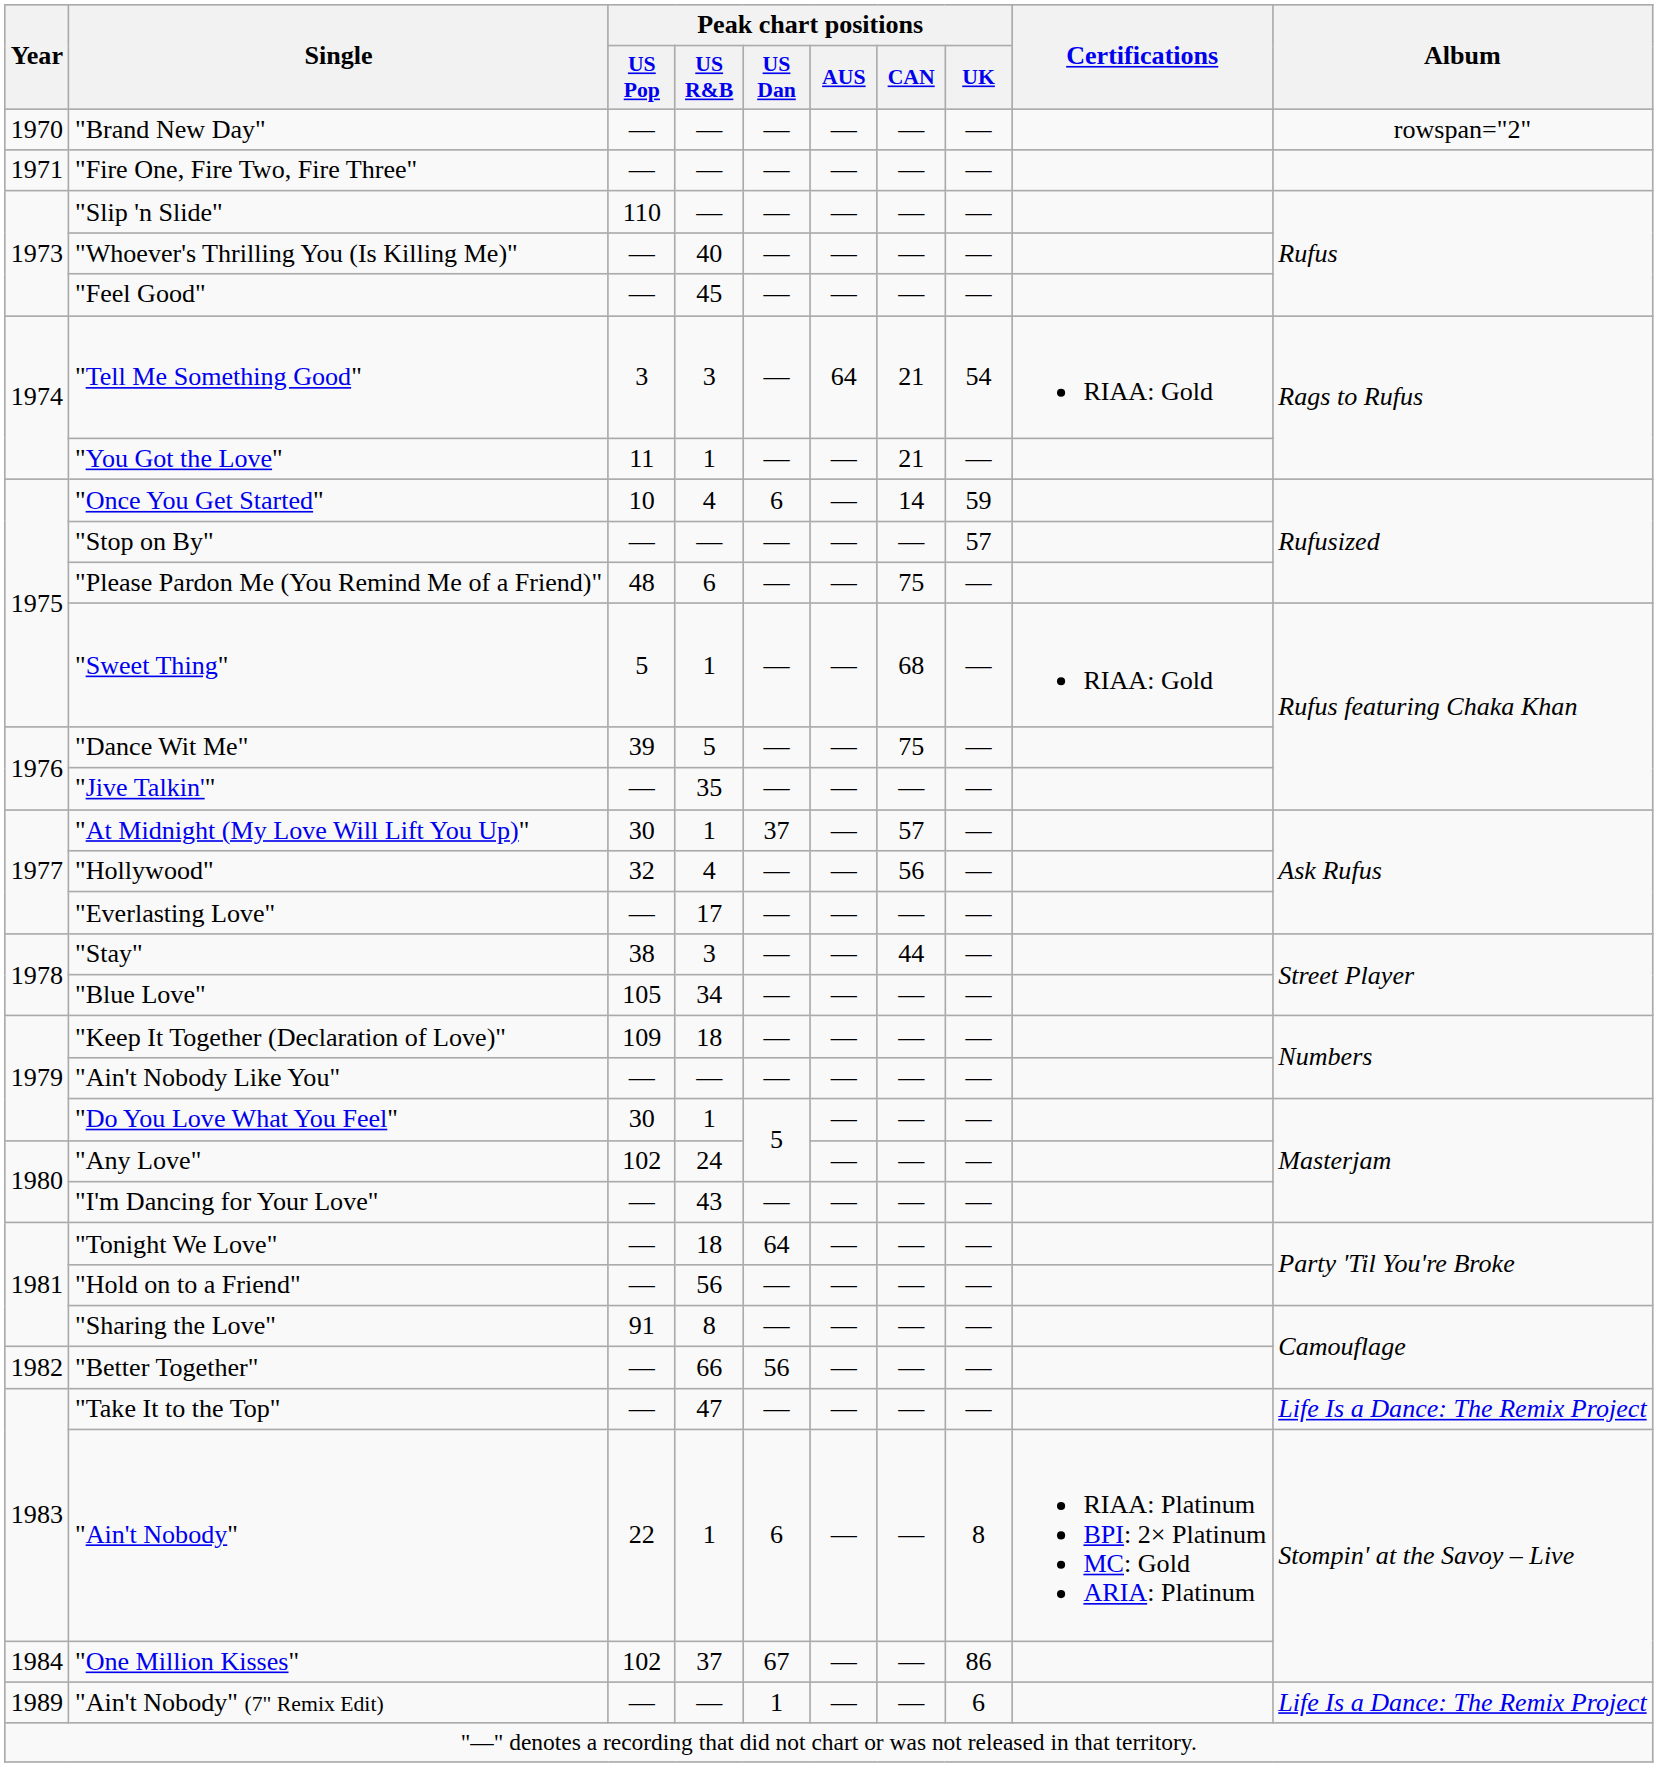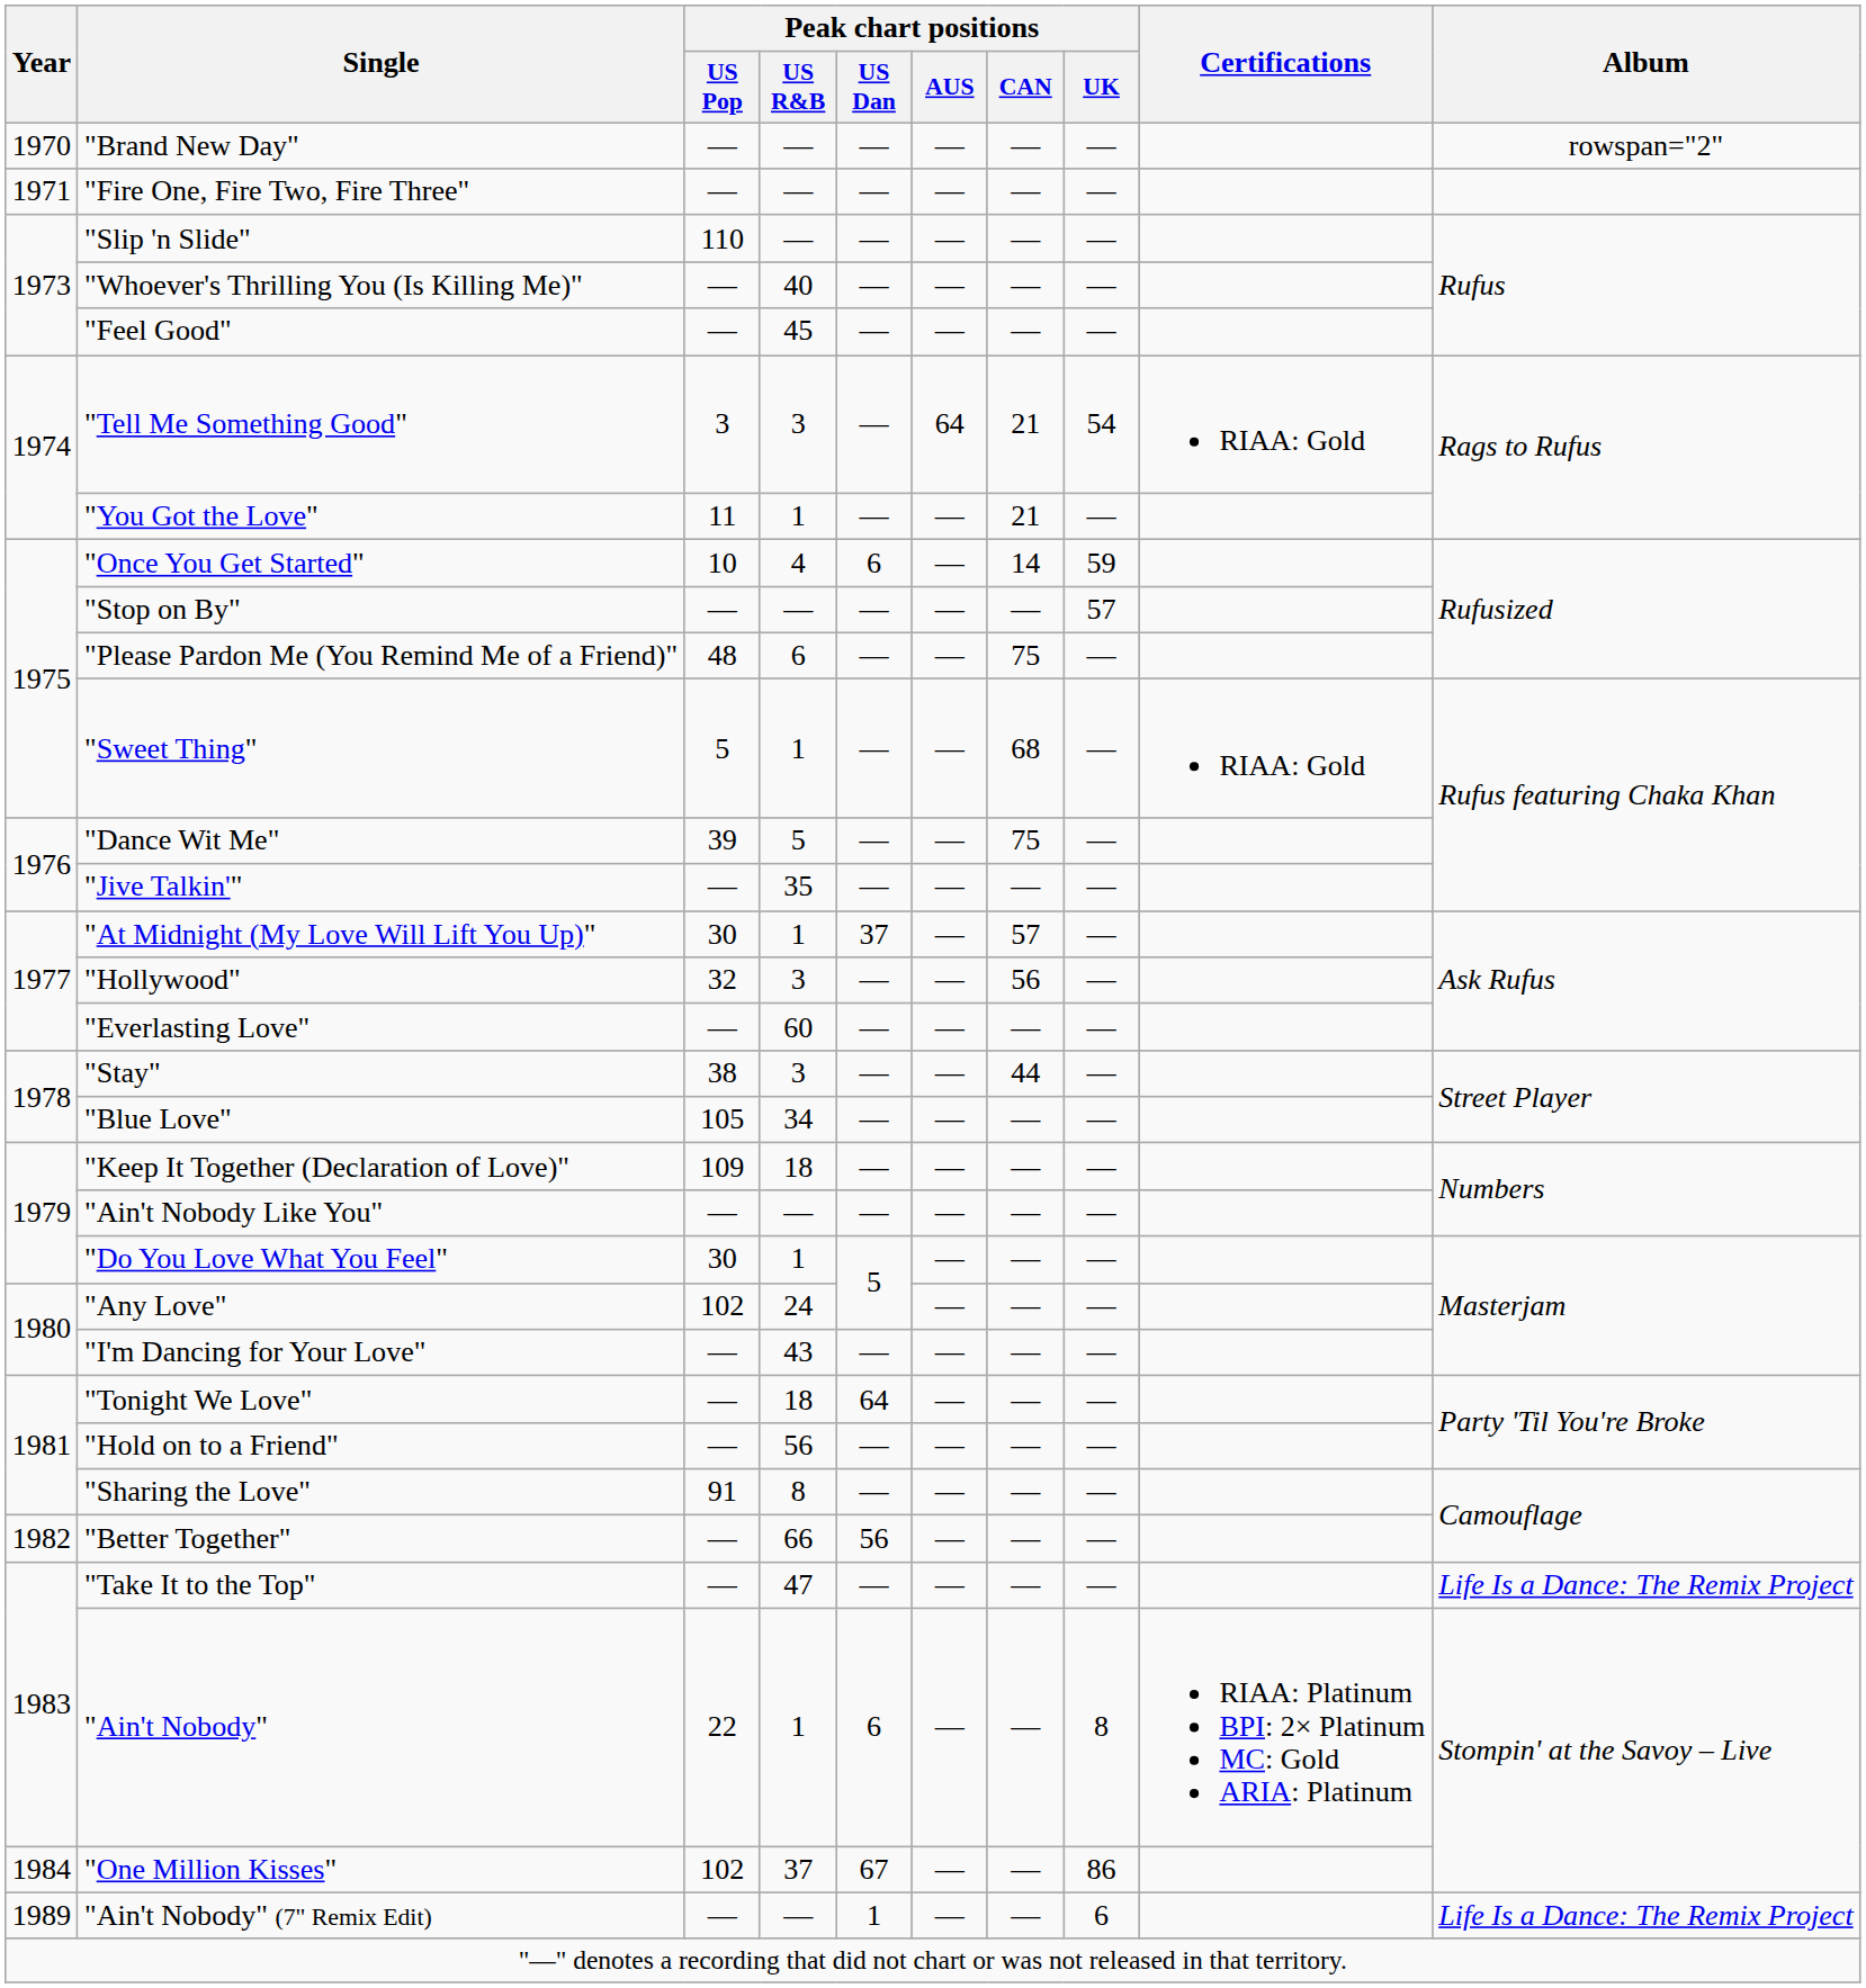 <table class="wikitable" style="text-align:center;">
 <tr>
 <th rowspan="2">Year</th>
 <th rowspan="2">Single</th>
 <th colspan="6">Peak chart positions</th>
 <th rowspan="2"><a href='#'>Certifications</a></th>
 <th rowspan="2">Album</th>
 </tr>
 <tr style="font-size:smaller;">
 <th width="35"><a href='#'>US Pop</a><br></th>
 <th width="35"><a href='#'>US<br>R&B</a><br></th>
 <th width="35"><a href='#'>US<br>Dan</a><br></th>
 <th width="35"><a href='#'>AUS</a><br></th>
 <th width="35"><a href='#'>CAN</a><br></th>
 <th width="35"><a href='#'>UK</a><br></th>
 </tr>
 <tr>
 <td>1970</td>
 <td align="left">"Brand New Day"</td>
 <td>—</td>
 <td>—</td>
 <td>—</td>
 <td>—</td>
 <td>—</td>
 <td>—</td>
 <td align=left></td>
 <td>rowspan="2" </td>
 </tr>
 <tr>
 <td>1971</td>
 <td align="left">"Fire One, Fire Two, Fire Three"</td>
 <td>—</td>
 <td>—</td>
 <td>—</td>
 <td>—</td>
 <td>—</td>
 <td>—</td>
 <td align=left></td>
 </tr>
 <tr>
 <td rowspan="3">1973</td>
 <td align="left">"Slip 'n Slide"</td>
 <td>110</td>
 <td>—</td>
 <td>—</td>
 <td>—</td>
 <td>—</td>
 <td>—</td>
 <td align=left></td>
 <td align="left" rowspan="3"><em>Rufus</em></td>
 </tr>
 <tr>
 <td align="left">"Whoever's Thrilling You (Is Killing Me)"</td>
 <td>—</td>
 <td>40</td>
 <td>—</td>
 <td>—</td>
 <td>—</td>
 <td>—</td>
 <td align=left></td>
 </tr>
 <tr>
 <td align="left">"Feel Good"</td>
 <td>—</td>
 <td>45</td>
 <td>—</td>
 <td>—</td>
 <td>—</td>
 <td>—</td>
 <td align=left></td>
 </tr>
 <tr>
 <td rowspan="2">1974</td>
 <td align="left">"<a href='#'>Tell Me Something Good</a>"</td>
 <td>3</td>
 <td>3</td>
 <td>—</td>
 <td>64</td>
 <td>21</td>
 <td>54</td>
 <td align=left><br><ul><li>RIAA: Gold</li></ul></td>
 <td align="left" rowspan="2"><em>Rags to Rufus</em></td>
 </tr>
 <tr>
 <td align="left">"<a href='#'>You Got the Love</a>"</td>
 <td>11</td>
 <td>1</td>
 <td>—</td>
 <td>—</td>
 <td>21</td>
 <td>—</td>
 <td align=left></td>
 </tr>
 <tr>
 <td rowspan="4">1975</td>
 <td align="left">"<a href='#'>Once You Get Started</a>"</td>
 <td>10</td>
 <td>4</td>
 <td>6</td>
 <td>—</td>
 <td>14</td>
 <td>59</td>
 <td align=left></td>
 <td rowspan="3" align="left"><em>Rufusized</em></td>
 </tr>
 <tr>
 <td align="left">"Stop on By"</td>
 <td>—</td>
 <td>—</td>
 <td>—</td>
 <td>—</td>
 <td>—</td>
 <td>57</td>
 <td></td>
 </tr>
 <tr>
 <td align="left">"Please Pardon Me (You Remind Me of a Friend)"</td>
 <td>48</td>
 <td>6</td>
 <td>—</td>
 <td>—</td>
 <td>75</td>
 <td>—</td>
 <td align=left></td>
 </tr>
 <tr>
 <td align="left">"<a href='#'>Sweet Thing</a>"</td>
 <td>5</td>
 <td>1</td>
 <td>—</td>
 <td>—</td>
 <td>68</td>
 <td>—</td>
 <td align=left><br><ul><li>RIAA: Gold</li></ul></td>
 <td align="left" rowspan="3"><em>Rufus featuring Chaka Khan</em></td>
 </tr>
 <tr>
 <td rowspan="2">1976</td>
 <td align="left">"Dance Wit Me"</td>
 <td>39</td>
 <td>5</td>
 <td>—</td>
 <td>—</td>
 <td>75</td>
 <td>—</td>
 <td align=left></td>
 </tr>
 <tr>
 <td align="left">"<a href='#'>Jive Talkin'</a>"</td>
 <td>—</td>
 <td>35</td>
 <td>—</td>
 <td>—</td>
 <td>—</td>
 <td>—</td>
 <td align=left></td>
 </tr>
 <tr>
 <td rowspan="3">1977</td>
 <td align="left">"<a href='#'>At Midnight (My Love Will Lift You Up)</a>"</td>
 <td>30</td>
 <td>1</td>
 <td>37</td>
 <td>—</td>
 <td>57</td>
 <td>—</td>
 <td align=left></td>
 <td align="left" rowspan="3"><em>Ask Rufus</em></td>
 </tr>
 <tr>
 <td align="left">"Hollywood"</td>
 <td>32</td>
-<td>4</td>
+<td>3</td>
 <td>—</td>
 <td>—</td>
 <td>56</td>
 <td>—</td>
 <td align=left></td>
 </tr>
 <tr>
 <td align="left">"Everlasting Love"</td>
 <td>—</td>
-<td>17</td>
+<td>60</td>
 <td>—</td>
 <td>—</td>
 <td>—</td>
 <td>—</td>
 <td align=left></td>
 </tr>
 <tr>
 <td rowspan="2">1978</td>
 <td align="left">"Stay"</td>
 <td>38</td>
 <td>3</td>
 <td>—</td>
 <td>—</td>
 <td>44</td>
 <td>—</td>
 <td align=left></td>
 <td align="left" rowspan="2"><em>Street Player</em></td>
 </tr>
 <tr>
 <td align="left">"Blue Love"</td>
 <td>105</td>
 <td>34</td>
 <td>—</td>
 <td>—</td>
 <td>—</td>
 <td>—</td>
 <td align=left></td>
 </tr>
 <tr>
 <td rowspan="3">1979</td>
 <td align="left">"Keep It Together (Declaration of Love)"</td>
 <td>109</td>
 <td>18</td>
 <td>—</td>
 <td>—</td>
 <td>—</td>
 <td>—</td>
 <td align=left></td>
 <td align="left" rowspan="2"><em>Numbers</em></td>
 </tr>
 <tr>
 <td align="left">"Ain't Nobody Like You"</td>
 <td>—</td>
 <td>—</td>
 <td>—</td>
 <td>—</td>
 <td>—</td>
 <td>—</td>
 <td align=left></td>
 </tr>
 <tr>
 <td align="left">"<a href='#'>Do You Love What You Feel</a>"</td>
 <td>30</td>
 <td>1</td>
 <td rowspan="2">5</td>
 <td>—</td>
 <td>—</td>
 <td>—</td>
 <td align=left></td>
 <td align="left" rowspan="3"><em>Masterjam</em></td>
 </tr>
 <tr>
 <td rowspan="2">1980</td>
 <td align="left">"Any Love"</td>
 <td>102</td>
 <td>24</td>
 <td>—</td>
 <td>—</td>
 <td>—</td>
 <td align=left></td>
 </tr>
 <tr>
 <td align="left">"I'm Dancing for Your Love"</td>
 <td>—</td>
 <td>43</td>
 <td>—</td>
 <td>—</td>
 <td>—</td>
 <td>—</td>
 <td align=left></td>
 </tr>
 <tr>
 <td rowspan="3">1981</td>
 <td align="left">"Tonight We Love"</td>
 <td>—</td>
 <td>18</td>
 <td>64</td>
 <td>—</td>
 <td>—</td>
 <td>—</td>
 <td align=left></td>
 <td align="left" rowspan="2"><em>Party 'Til You're Broke</em></td>
 </tr>
 <tr>
 <td align="left">"Hold on to a Friend"</td>
 <td>—</td>
 <td>56</td>
 <td>—</td>
 <td>—</td>
 <td>—</td>
 <td>—</td>
 <td align=left></td>
 </tr>
 <tr>
 <td align="left">"Sharing the Love"</td>
 <td>91</td>
 <td>8</td>
 <td>—</td>
 <td>—</td>
 <td>—</td>
 <td>—</td>
 <td align=left></td>
 <td align="left" rowspan="2"><em>Camouflage</em></td>
 </tr>
 <tr>
 <td>1982</td>
 <td align="left">"Better Together"</td>
 <td>—</td>
 <td>66</td>
 <td>56</td>
 <td>—</td>
 <td>—</td>
 <td>—</td>
 <td align=left></td>
 </tr>
 <tr>
 <td rowspan="2">1983</td>
 <td align="left">"Take It to the Top"</td>
 <td>—</td>
 <td>47</td>
 <td>—</td>
 <td>—</td>
 <td>—</td>
 <td>—</td>
 <td align=left></td>
 <td align="left"><em><a href='#'>Life Is a Dance: The Remix Project</a></em></td>
 </tr>
 <tr>
 <td align="left">"<a href='#'>Ain't Nobody</a>"</td>
 <td>22</td>
 <td>1</td>
 <td>6</td>
 <td>—</td>
 <td>—</td>
 <td>8</td>
 <td align=left><br><ul><li>RIAA: Platinum</li><li><a href='#'>BPI</a>: 2× Platinum</li><li><a href='#'>MC</a>: Gold</li><li><a href='#'>ARIA</a>: Platinum</li></ul></td>
 <td align="left" rowspan="2"><em>Stompin' at the Savoy – Live</em></td>
 </tr>
 <tr>
 <td>1984</td>
 <td align="left">"<a href='#'>One Million Kisses</a>"</td>
 <td>102</td>
 <td>37</td>
 <td>67</td>
 <td>—</td>
 <td>—</td>
 <td>86</td>
 <td align=left></td>
 </tr>
 <tr>
 <td>1989</td>
 <td align="left">"Ain't Nobody" <small>(7" Remix Edit)</small></td>
 <td>—</td>
 <td>—</td>
 <td>1</td>
 <td>—</td>
 <td>—</td>
 <td>6</td>
 <td align=left></td>
 <td align="left"><em><a href='#'>Life Is a Dance: The Remix Project</a></em></td>
 </tr>
 <tr>
 <td colspan="15" style="font-size:90%">"—" denotes a recording that did not chart or was not released in that territory.</td>
 </tr>
 </table>
